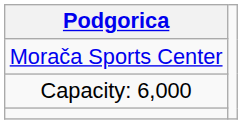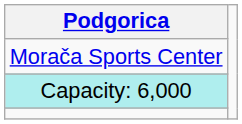 <table class="wikitable" style="text-align:center">
 <tr>
 <th><a href='#'>Podgorica</a></th>
 <td rowspan=4></td>
 </tr>
 <tr>
 <td><a href='#'>Morača Sports Center</a></td>
 </tr>
 <tr>
-<td>Capacity: 6,000</td>
+<td style="background: paleturquoise;">Capacity: 6,000</td>
 </tr>
 <tr>
 <td></td>
 </tr>
 </table>
